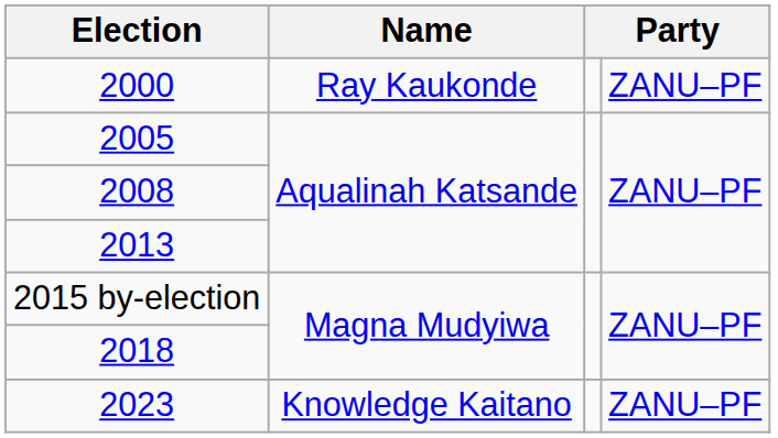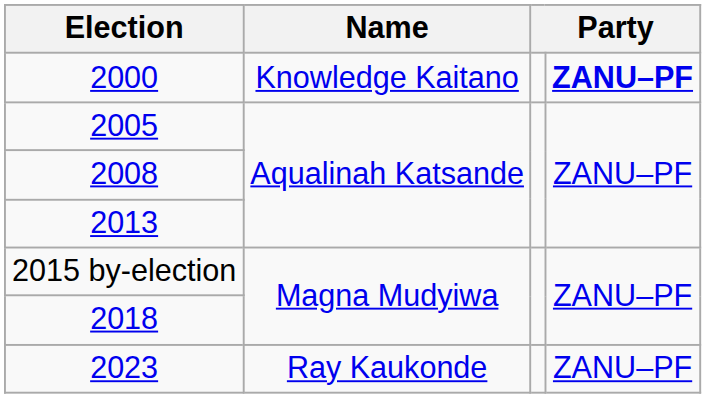 <table class="wikitable" style="text-align:center">
 <tr>
 <th>Election</th>
 <th>Name</th>
 <th colspan="2">Party</th>
 </tr>
 <tr>
 <td><a href='#'>2000</a></td>
-<td><a href='#'>Ray Kaukonde</a></td>
+<td><a href='#'>Knowledge Kaitano</a></td>
 <td style="background-color: "></td>
-<td><a href='#'>ZANU–PF</a></td>
+<td><strong><a href='#'>ZANU–PF</a></strong></td>
 </tr>
 <tr>
 <td><a href='#'>2005</a></td>
 <td rowspan="3"><a href='#'>Aqualinah Katsande</a></td>
 <td rowspan="3" style="background-color: "></td>
 <td rowspan="3"><a href='#'>ZANU–PF</a></td>
 </tr>
 <tr>
 <td><a href='#'>2008</a></td>
 </tr>
 <tr>
 <td><a href='#'>2013</a></td>
 </tr>
 <tr>
 <td>2015 by-election</td>
 <td rowspan="2"><a href='#'>Magna Mudyiwa</a></td>
 <td rowspan="2" style="background-color: "></td>
 <td rowspan="2"><a href='#'>ZANU–PF</a></td>
 </tr>
 <tr>
 <td><a href='#'>2018</a></td>
 </tr>
 <tr>
 <td><a href='#'>2023</a></td>
-<td><a href='#'>Knowledge Kaitano</a></td>
+<td><a href='#'>Ray Kaukonde</a></td>
 <td style="background-color: "></td>
 <td><a href='#'>ZANU–PF</a></td>
 </tr>
 </table>
